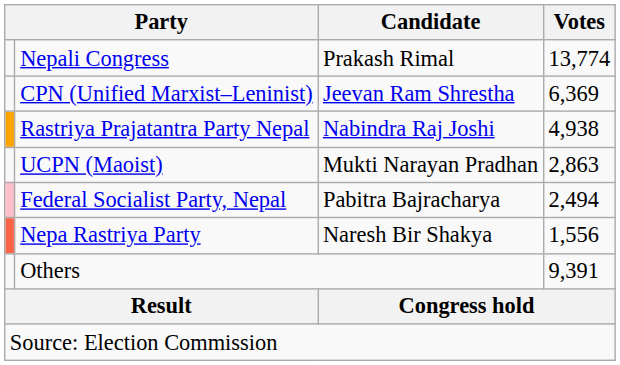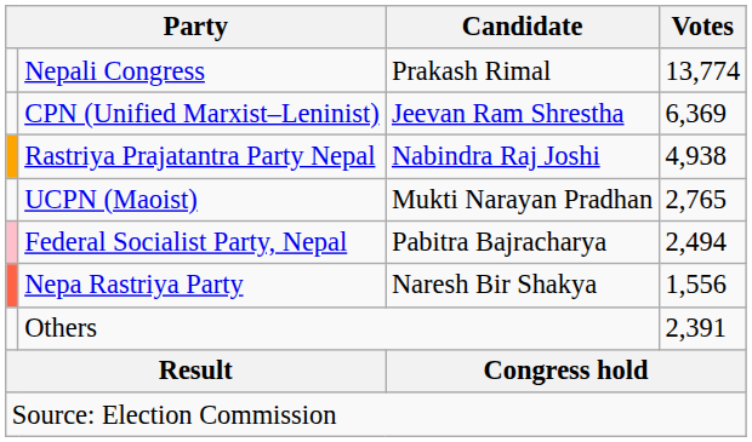 <table class="wikitable">
 <tr>
 <th colspan="2">Party</th>
 <th>Candidate</th>
 <th>Votes</th>
 </tr>
 <tr>
 <td style="background-color:"></td>
 <td><a href='#'>Nepali Congress</a></td>
 <td>Prakash Rimal</td>
 <td>13,774</td>
 </tr>
 <tr>
 <td style="background-color:"></td>
 <td><a href='#'>CPN (Unified Marxist–Leninist)</a></td>
 <td><a href='#'>Jeevan Ram Shrestha</a></td>
 <td>6,369</td>
 </tr>
 <tr>
 <td style="background-color:orange"></td>
 <td><a href='#'>Rastriya Prajatantra Party Nepal</a></td>
 <td><a href='#'>Nabindra Raj Joshi</a></td>
 <td>4,938</td>
 </tr>
 <tr>
 <td style="background-color:"></td>
 <td><a href='#'>UCPN (Maoist)</a></td>
 <td>Mukti Narayan Pradhan</td>
-<td>2,863</td>
+<td>2,765</td>
 </tr>
 <tr>
 <td style="background-color:pink"></td>
 <td><a href='#'>Federal Socialist Party, Nepal</a></td>
 <td>Pabitra Bajracharya</td>
 <td>2,494</td>
 </tr>
 <tr>
 <td style="background-color:tomato"></td>
 <td><a href='#'>Nepa Rastriya Party</a></td>
 <td>Naresh Bir Shakya</td>
 <td>1,556</td>
 </tr>
 <tr>
 <td></td>
 <td colspan="2">Others</td>
-<td>9,391</td>
+<td>2,391</td>
 </tr>
 <tr>
 <th colspan="2">Result</th>
 <th colspan="2">Congress hold</th>
 </tr>
 <tr>
 <td colspan="4">Source: Election Commission</td>
 </tr>
 </table>
